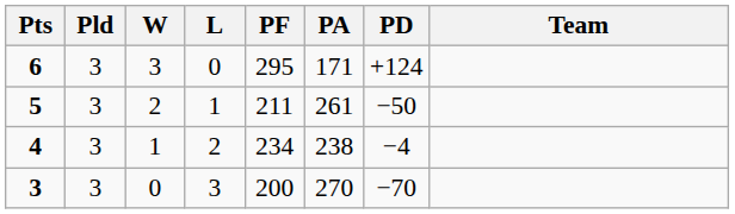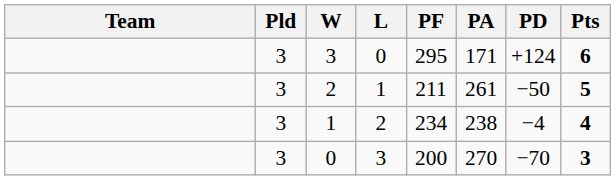 <table class=wikitable style="text-align:center">
 <tr>
-<th width=30>Pts</th>
+<th width=180>Team</th>
 <th width=30>Pld</th>
 <th width=30>W</th>
 <th width=30>L</th>
 <th width=30>PF</th>
 <th width=30>PA</th>
 <th width=30>PD</th>
-<th width=180>Team</th>
+<th width=30>Pts</th>
 </tr>
 <tr>
-<td><strong>6</strong></td>
+<td align="left"></td>
 <td>3</td>
 <td>3</td>
 <td>0</td>
 <td>295</td>
 <td>171</td>
 <td>+124</td>
-<td align="left"></td>
+<td><strong>6</strong></td>
 </tr>
 <tr>
-<td><strong>5</strong></td>
+<td align="left"></td>
 <td>3</td>
 <td>2</td>
 <td>1</td>
 <td>211</td>
 <td>261</td>
 <td>−50</td>
-<td align="left"></td>
+<td><strong>5</strong></td>
 </tr>
 <tr>
-<td><strong>4</strong></td>
+<td align="left"></td>
 <td>3</td>
 <td>1</td>
 <td>2</td>
 <td>234</td>
 <td>238</td>
 <td>−4</td>
-<td align="left"></td>
+<td><strong>4</strong></td>
 </tr>
 <tr>
-<td><strong>3</strong></td>
+<td align="left"></td>
 <td>3</td>
 <td>0</td>
 <td>3</td>
 <td>200</td>
 <td>270</td>
 <td>−70</td>
-<td align="left"></td>
+<td><strong>3</strong></td>
 </tr>
 </table>
